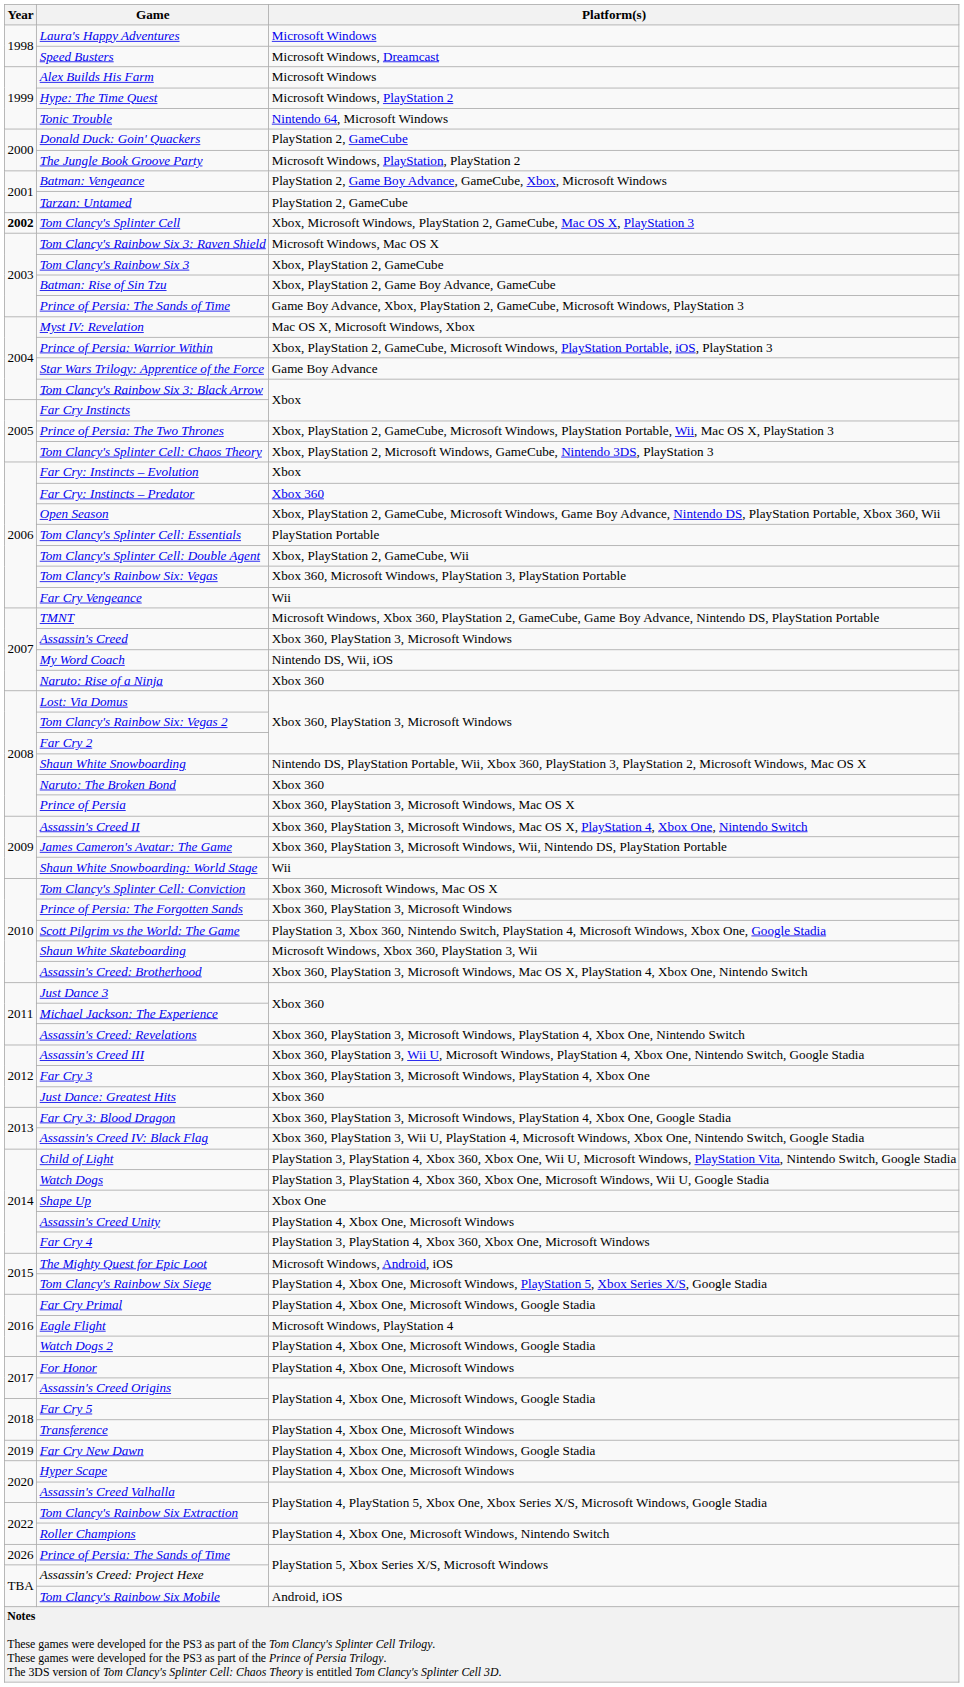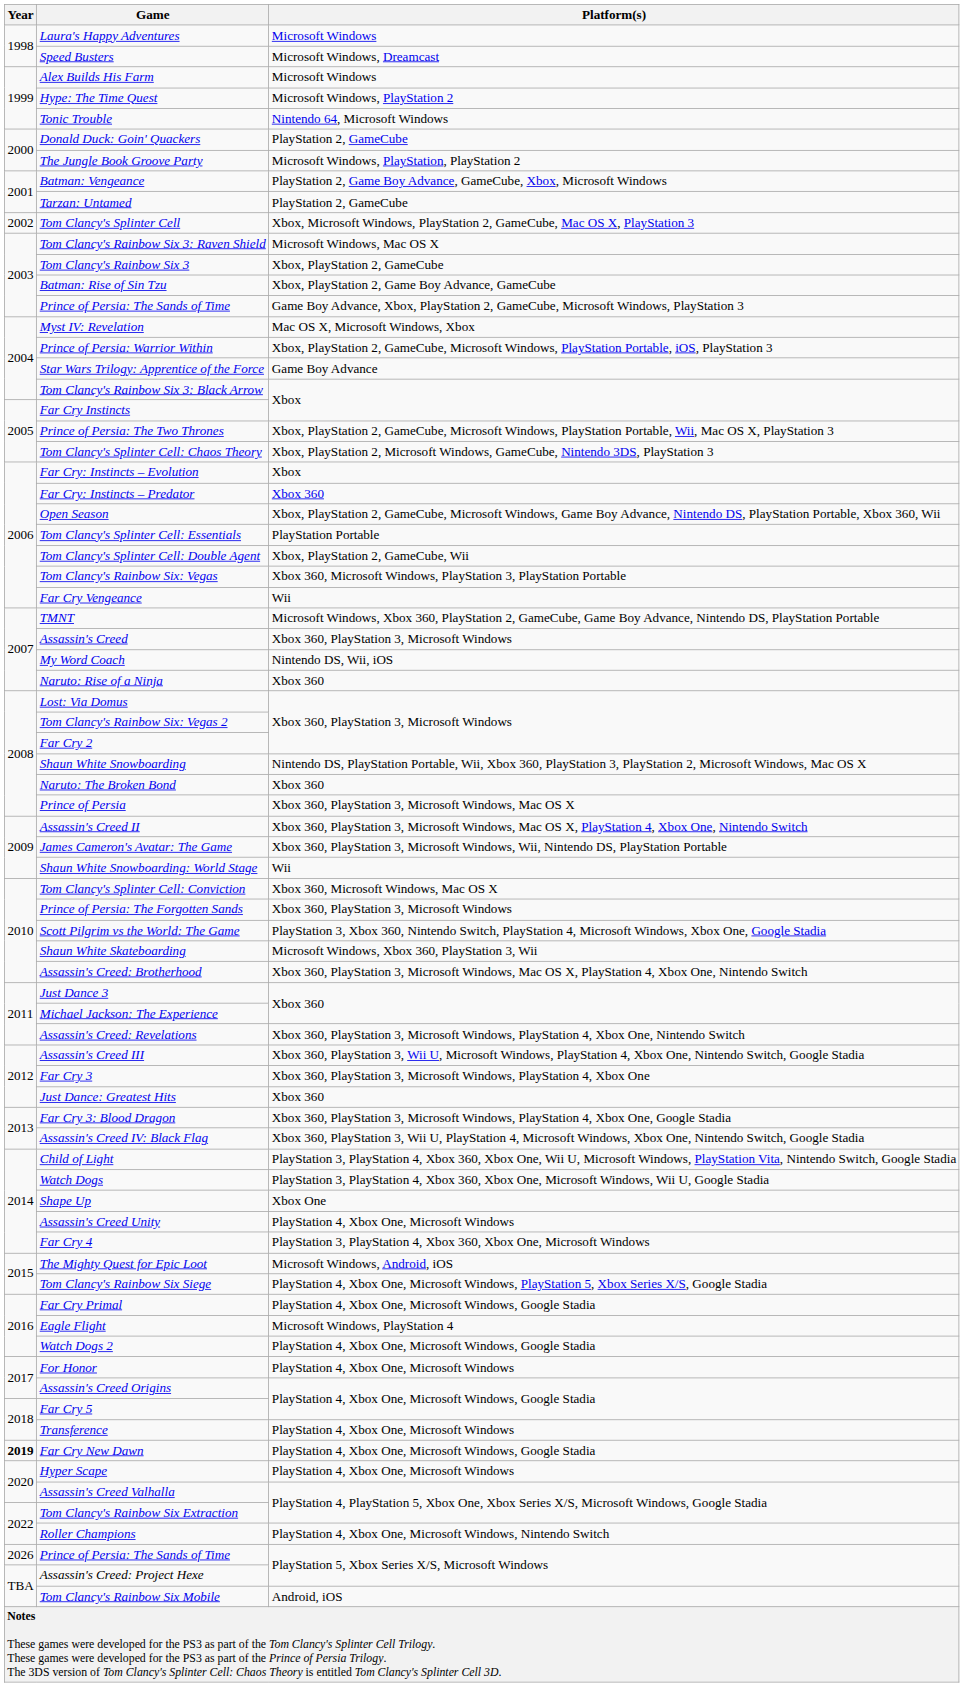 <table class="wikitable sortable">
 <tr>
 <th>Year</th>
 <th>Game</th>
 <th class="unsortable">Platform(s)</th>
 </tr>
 <tr>
 <td rowspan="2">1998</td>
 <td><em><a href='#'>Laura's Happy Adventures</a></em></td>
 <td><a href='#'>Microsoft Windows</a></td>
 </tr>
 <tr>
 <td><em><a href='#'>Speed Busters</a></em></td>
 <td>Microsoft Windows, <a href='#'>Dreamcast</a></td>
 </tr>
 <tr>
 <td rowspan="3">1999</td>
 <td><em><a href='#'>Alex Builds His Farm</a></em></td>
 <td>Microsoft Windows</td>
 </tr>
 <tr>
 <td><em><a href='#'>Hype: The Time Quest</a></em></td>
 <td>Microsoft Windows, <a href='#'>PlayStation 2</a></td>
 </tr>
 <tr>
 <td><em><a href='#'>Tonic Trouble</a></em></td>
 <td><a href='#'>Nintendo 64</a>, Microsoft Windows</td>
 </tr>
 <tr>
 <td rowspan="2">2000</td>
 <td><em><a href='#'>Donald Duck: Goin' Quackers</a></em></td>
 <td>PlayStation 2, <a href='#'>GameCube</a></td>
 </tr>
 <tr>
 <td><em><a href='#'>The Jungle Book Groove Party</a></em></td>
 <td>Microsoft Windows, <a href='#'>PlayStation</a>, PlayStation 2</td>
 </tr>
 <tr>
 <td rowspan="2">2001</td>
 <td><em><a href='#'>Batman: Vengeance</a></em></td>
 <td>PlayStation 2, <a href='#'>Game Boy Advance</a>, GameCube, <a href='#'>Xbox</a>, Microsoft Windows</td>
 </tr>
 <tr>
 <td><em><a href='#'>Tarzan: Untamed</a></em></td>
 <td>PlayStation 2, GameCube</td>
 </tr>
 <tr>
-<td><strong>2002</strong></td>
+<td>2002</td>
 <td><em><a href='#'>Tom Clancy's Splinter Cell</a></em></td>
 <td>Xbox, Microsoft Windows, PlayStation 2, GameCube, <a href='#'>Mac OS X</a>, <a href='#'>PlayStation 3</a></td>
 </tr>
 <tr>
 <td rowspan="4">2003</td>
 <td><em><a href='#'>Tom Clancy's Rainbow Six 3: Raven Shield</a></em></td>
 <td>Microsoft Windows, Mac OS X</td>
 </tr>
 <tr>
 <td><em><a href='#'>Tom Clancy's Rainbow Six 3</a></em></td>
 <td>Xbox, PlayStation 2, GameCube</td>
 </tr>
 <tr>
 <td><em><a href='#'>Batman: Rise of Sin Tzu</a></em></td>
 <td>Xbox, PlayStation 2, Game Boy Advance, GameCube</td>
 </tr>
 <tr>
 <td><em><a href='#'>Prince of Persia: The Sands of Time</a></em></td>
 <td>Game Boy Advance, Xbox, PlayStation 2, GameCube, Microsoft Windows, PlayStation 3</td>
 </tr>
 <tr>
 <td rowspan="4">2004</td>
 <td><em><a href='#'>Myst IV: Revelation</a></em></td>
 <td>Mac OS X, Microsoft Windows, Xbox</td>
 </tr>
 <tr>
 <td><em><a href='#'>Prince of Persia: Warrior Within</a></em></td>
 <td>Xbox, PlayStation 2, GameCube, Microsoft Windows, <a href='#'>PlayStation Portable</a>, <a href='#'>iOS</a>, PlayStation 3</td>
 </tr>
 <tr>
 <td><em><a href='#'>Star Wars Trilogy: Apprentice of the Force</a></em></td>
 <td>Game Boy Advance</td>
 </tr>
 <tr>
 <td><em><a href='#'>Tom Clancy's Rainbow Six 3: Black Arrow</a></em></td>
 <td rowspan="2">Xbox</td>
 </tr>
 <tr>
 <td rowspan="3">2005</td>
 <td><em><a href='#'>Far Cry Instincts</a></em></td>
 </tr>
 <tr>
 <td><em><a href='#'>Prince of Persia: The Two Thrones</a></em></td>
 <td>Xbox, PlayStation 2, GameCube, Microsoft Windows, PlayStation Portable, <a href='#'>Wii</a>, Mac OS X, PlayStation 3</td>
 </tr>
 <tr>
 <td><em><a href='#'>Tom Clancy's Splinter Cell: Chaos Theory</a></em></td>
 <td>Xbox, PlayStation 2, Microsoft Windows, GameCube, <a href='#'>Nintendo 3DS</a>, PlayStation 3</td>
 </tr>
 <tr>
 <td rowspan="7">2006</td>
 <td><em><a href='#'>Far Cry: Instincts – Evolution</a></em></td>
 <td>Xbox</td>
 </tr>
 <tr>
 <td><em><a href='#'>Far Cry: Instincts – Predator</a></em></td>
 <td><a href='#'>Xbox 360</a></td>
 </tr>
 <tr>
 <td><em><a href='#'>Open Season</a></em></td>
 <td>Xbox, PlayStation 2, GameCube, Microsoft Windows, Game Boy Advance, <a href='#'>Nintendo DS</a>, PlayStation Portable, Xbox 360, Wii</td>
 </tr>
 <tr>
 <td><em><a href='#'>Tom Clancy's Splinter Cell: Essentials</a></em></td>
 <td>PlayStation Portable</td>
 </tr>
 <tr>
 <td><em><a href='#'>Tom Clancy's Splinter Cell: Double Agent</a></em></td>
 <td>Xbox, PlayStation 2, GameCube, Wii</td>
 </tr>
 <tr>
 <td><em><a href='#'>Tom Clancy's Rainbow Six: Vegas</a></em></td>
 <td>Xbox 360, Microsoft Windows, PlayStation 3, PlayStation Portable</td>
 </tr>
 <tr>
 <td><em><a href='#'>Far Cry Vengeance</a></em></td>
 <td>Wii</td>
 </tr>
 <tr>
 <td rowspan="4">2007</td>
 <td><em><a href='#'>TMNT</a></em></td>
 <td>Microsoft Windows, Xbox 360, PlayStation 2, GameCube, Game Boy Advance, Nintendo DS, PlayStation Portable</td>
 </tr>
 <tr>
 <td><em><a href='#'>Assassin's Creed</a></em></td>
 <td>Xbox 360, PlayStation 3, Microsoft Windows</td>
 </tr>
 <tr>
 <td><em><a href='#'>My Word Coach</a></em></td>
 <td>Nintendo DS, Wii, iOS</td>
 </tr>
 <tr>
 <td><em><a href='#'>Naruto: Rise of a Ninja</a></em></td>
 <td>Xbox 360</td>
 </tr>
 <tr>
 <td rowspan="6">2008</td>
 <td><em><a href='#'>Lost: Via Domus</a></em></td>
 <td rowspan="3">Xbox 360, PlayStation 3, Microsoft Windows</td>
 </tr>
 <tr>
 <td><em><a href='#'>Tom Clancy's Rainbow Six: Vegas 2</a></em></td>
 </tr>
 <tr>
 <td><em><a href='#'>Far Cry 2</a></em></td>
 </tr>
 <tr>
 <td><em><a href='#'>Shaun White Snowboarding</a></em></td>
 <td>Nintendo DS, PlayStation Portable, Wii, Xbox 360, PlayStation 3, PlayStation 2, Microsoft Windows, Mac OS X</td>
 </tr>
 <tr>
 <td><em><a href='#'>Naruto: The Broken Bond</a></em></td>
 <td>Xbox 360</td>
 </tr>
 <tr>
 <td><em><a href='#'>Prince of Persia</a></em></td>
 <td>Xbox 360, PlayStation 3, Microsoft Windows, Mac OS X</td>
 </tr>
 <tr>
 <td rowspan="3">2009</td>
 <td><em><a href='#'>Assassin's Creed II</a></em></td>
 <td>Xbox 360, PlayStation 3, Microsoft Windows, Mac OS X, <a href='#'>PlayStation 4</a>, <a href='#'>Xbox One</a>, <a href='#'>Nintendo Switch</a></td>
 </tr>
 <tr>
 <td><em><a href='#'>James Cameron's Avatar: The Game</a></em></td>
 <td>Xbox 360, PlayStation 3, Microsoft Windows, Wii, Nintendo DS, PlayStation Portable</td>
 </tr>
 <tr>
 <td><em><a href='#'>Shaun White Snowboarding: World Stage</a></em></td>
 <td>Wii</td>
 </tr>
 <tr>
 <td rowspan="5">2010</td>
 <td><em><a href='#'>Tom Clancy's Splinter Cell: Conviction</a></em></td>
 <td>Xbox 360, Microsoft Windows, Mac OS X</td>
 </tr>
 <tr>
 <td><em><a href='#'>Prince of Persia: The Forgotten Sands</a></em></td>
 <td>Xbox 360, PlayStation 3, Microsoft Windows</td>
 </tr>
 <tr>
 <td><em><a href='#'>Scott Pilgrim vs the World: The Game</a></em></td>
 <td>PlayStation 3, Xbox 360, Nintendo Switch, PlayStation 4, Microsoft Windows, Xbox One, <a href='#'>Google Stadia</a></td>
 </tr>
 <tr>
 <td><em><a href='#'>Shaun White Skateboarding</a></em></td>
 <td>Microsoft Windows, Xbox 360, PlayStation 3, Wii</td>
 </tr>
 <tr>
 <td><em><a href='#'>Assassin's Creed: Brotherhood</a></em></td>
 <td>Xbox 360, PlayStation 3, Microsoft Windows, Mac OS X, PlayStation 4, Xbox One, Nintendo Switch</td>
 </tr>
 <tr>
 <td rowspan="3">2011</td>
 <td><em><a href='#'>Just Dance 3</a></em></td>
 <td rowspan="2">Xbox 360</td>
 </tr>
 <tr>
 <td><em><a href='#'>Michael Jackson: The Experience</a></em></td>
 </tr>
 <tr>
 <td><em><a href='#'>Assassin's Creed: Revelations</a></em></td>
 <td>Xbox 360, PlayStation 3, Microsoft Windows, PlayStation 4, Xbox One, Nintendo Switch</td>
 </tr>
 <tr>
 <td rowspan="3">2012</td>
 <td><em><a href='#'>Assassin's Creed III</a></em></td>
 <td>Xbox 360, PlayStation 3, <a href='#'>Wii U</a>, Microsoft Windows, PlayStation 4, Xbox One, Nintendo Switch, Google Stadia</td>
 </tr>
 <tr>
 <td><em><a href='#'>Far Cry 3</a></em></td>
 <td>Xbox 360, PlayStation 3, Microsoft Windows, PlayStation 4, Xbox One</td>
 </tr>
 <tr>
 <td><em><a href='#'>Just Dance: Greatest Hits</a></em></td>
 <td>Xbox 360</td>
 </tr>
 <tr>
 <td rowspan="2">2013</td>
 <td><em><a href='#'>Far Cry 3: Blood Dragon</a></em></td>
 <td>Xbox 360, PlayStation 3, Microsoft Windows, PlayStation 4, Xbox One, Google Stadia</td>
 </tr>
 <tr>
 <td><em><a href='#'>Assassin's Creed IV: Black Flag</a></em></td>
 <td>Xbox 360, PlayStation 3, Wii U, PlayStation 4, Microsoft Windows, Xbox One, Nintendo Switch, Google Stadia</td>
 </tr>
 <tr>
 <td rowspan="5">2014</td>
 <td><em><a href='#'>Child of Light</a></em></td>
 <td>PlayStation 3, PlayStation 4, Xbox 360, Xbox One, Wii U, Microsoft Windows, <a href='#'>PlayStation Vita</a>, Nintendo Switch, Google Stadia</td>
 </tr>
 <tr>
 <td><em><a href='#'>Watch Dogs</a></em></td>
 <td>PlayStation 3, PlayStation 4, Xbox 360, Xbox One, Microsoft Windows, Wii U, Google Stadia</td>
 </tr>
 <tr>
 <td><em><a href='#'>Shape Up</a></em></td>
 <td>Xbox One</td>
 </tr>
 <tr>
 <td><em><a href='#'>Assassin's Creed Unity</a></em></td>
 <td>PlayStation 4, Xbox One, Microsoft Windows</td>
 </tr>
 <tr>
 <td><em><a href='#'>Far Cry 4</a></em></td>
 <td>PlayStation 3, PlayStation 4, Xbox 360, Xbox One, Microsoft Windows</td>
 </tr>
 <tr>
 <td rowspan="2">2015</td>
 <td><em><a href='#'>The Mighty Quest for Epic Loot</a></em></td>
 <td>Microsoft Windows, <a href='#'>Android</a>, iOS</td>
 </tr>
 <tr>
 <td><em><a href='#'>Tom Clancy's Rainbow Six Siege</a></em></td>
 <td>PlayStation 4, Xbox One, Microsoft Windows, <a href='#'>PlayStation 5</a>, <a href='#'>Xbox Series X/S</a>, Google Stadia</td>
 </tr>
 <tr>
 <td rowspan="3">2016</td>
 <td><em><a href='#'>Far Cry Primal</a></em></td>
 <td>PlayStation 4, Xbox One, Microsoft Windows, Google Stadia</td>
 </tr>
 <tr>
 <td><em><a href='#'>Eagle Flight</a></em></td>
 <td>Microsoft Windows, PlayStation 4</td>
 </tr>
 <tr>
 <td><em><a href='#'>Watch Dogs 2</a></em></td>
 <td>PlayStation 4, Xbox One, Microsoft Windows, Google Stadia</td>
 </tr>
 <tr>
 <td rowspan="2">2017</td>
 <td><em><a href='#'>For Honor</a></em></td>
 <td>PlayStation 4, Xbox One, Microsoft Windows</td>
 </tr>
 <tr>
 <td><em><a href='#'>Assassin's Creed Origins</a></em></td>
 <td rowspan="2">PlayStation 4, Xbox One, Microsoft Windows, Google Stadia</td>
 </tr>
 <tr>
 <td rowspan="2">2018</td>
 <td><em><a href='#'>Far Cry 5</a></em></td>
 </tr>
 <tr>
 <td><em><a href='#'>Transference</a></em></td>
 <td>PlayStation 4, Xbox One, Microsoft Windows</td>
 </tr>
 <tr>
-<td rowspan="1">2019</td>
+<td rowspan="1"><strong>2019</strong></td>
 <td><em><a href='#'>Far Cry New Dawn</a></em></td>
 <td>PlayStation 4, Xbox One, Microsoft Windows, Google Stadia</td>
 </tr>
 <tr>
 <td rowspan="2">2020</td>
 <td><em><a href='#'>Hyper Scape</a></em></td>
 <td>PlayStation 4, Xbox One, Microsoft Windows</td>
 </tr>
 <tr>
 <td><em><a href='#'>Assassin's Creed Valhalla</a></em></td>
 <td rowspan="2">PlayStation 4, PlayStation 5, Xbox One, Xbox Series X/S, Microsoft Windows, Google Stadia</td>
 </tr>
 <tr>
 <td rowspan="2">2022</td>
 <td><em><a href='#'>Tom Clancy's Rainbow Six Extraction</a></em></td>
 </tr>
 <tr>
 <td><em><a href='#'>Roller Champions</a></em></td>
 <td>PlayStation 4, Xbox One, Microsoft Windows, Nintendo Switch</td>
 </tr>
 <tr>
 <td>2026</td>
 <td><em><a href='#'>Prince of Persia: The Sands of Time</a></em></td>
 <td rowspan="2">PlayStation 5, Xbox Series X/S, Microsoft Windows</td>
 </tr>
 <tr>
 <td rowspan="2">TBA</td>
 <td><em>Assassin's Creed: Project Hexe</em></td>
 </tr>
 <tr>
 <td><em><a href='#'>Tom Clancy's Rainbow Six Mobile</a></em></td>
 <td>Android, iOS</td>
 </tr>
 <tr>
 <td colspan="16" style="font-size:90%; background: #F2F2F2"><strong>Notes</strong><br><br>These games were developed for the PS3 as part of the <em>Tom Clancy's Splinter Cell Trilogy</em>.<br> These games were developed for the PS3 as part of the <em>Prince of Persia Trilogy</em>.<br> The 3DS version of <em>Tom Clancy's Splinter Cell: Chaos Theory</em> is entitled <em>Tom Clancy's Splinter Cell 3D</em>.</td>
 </tr>
 </table>
